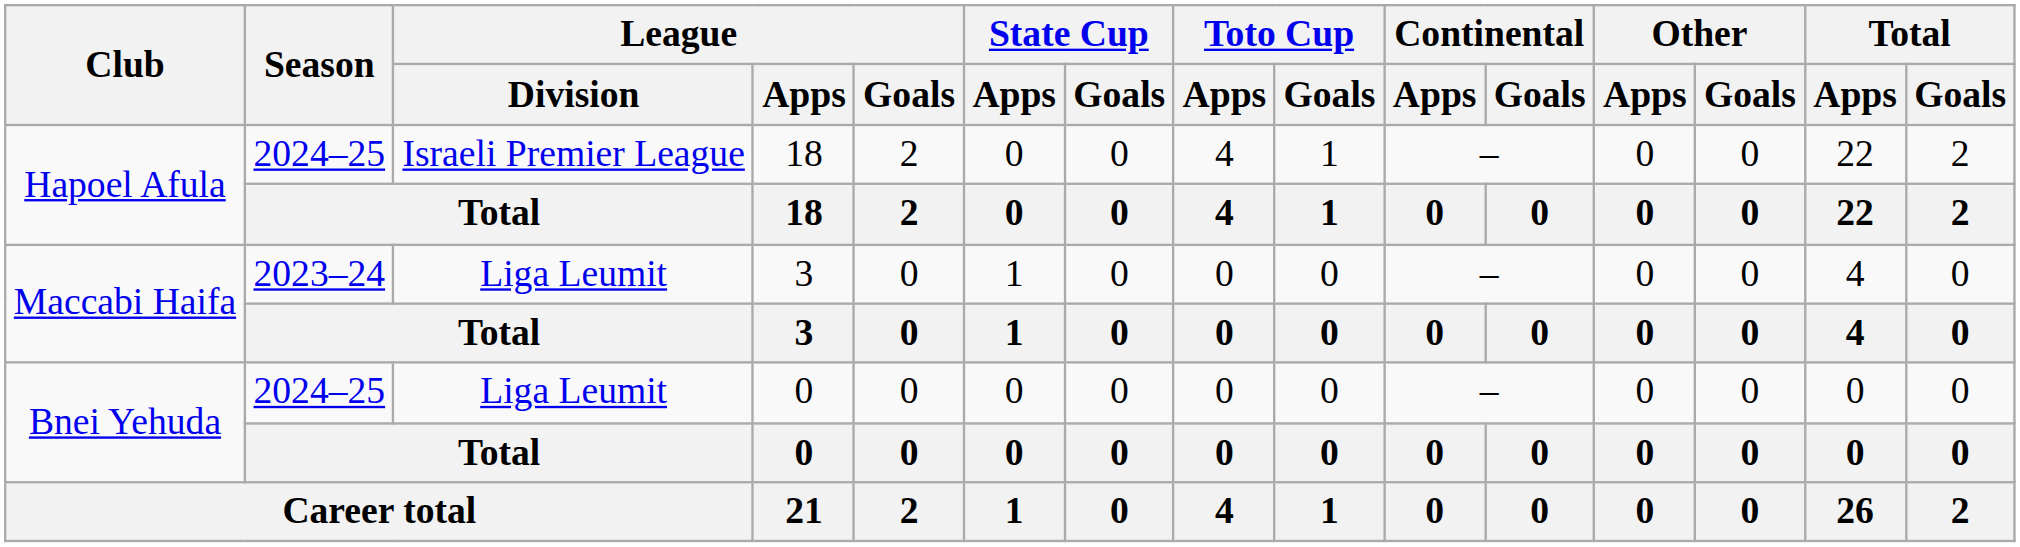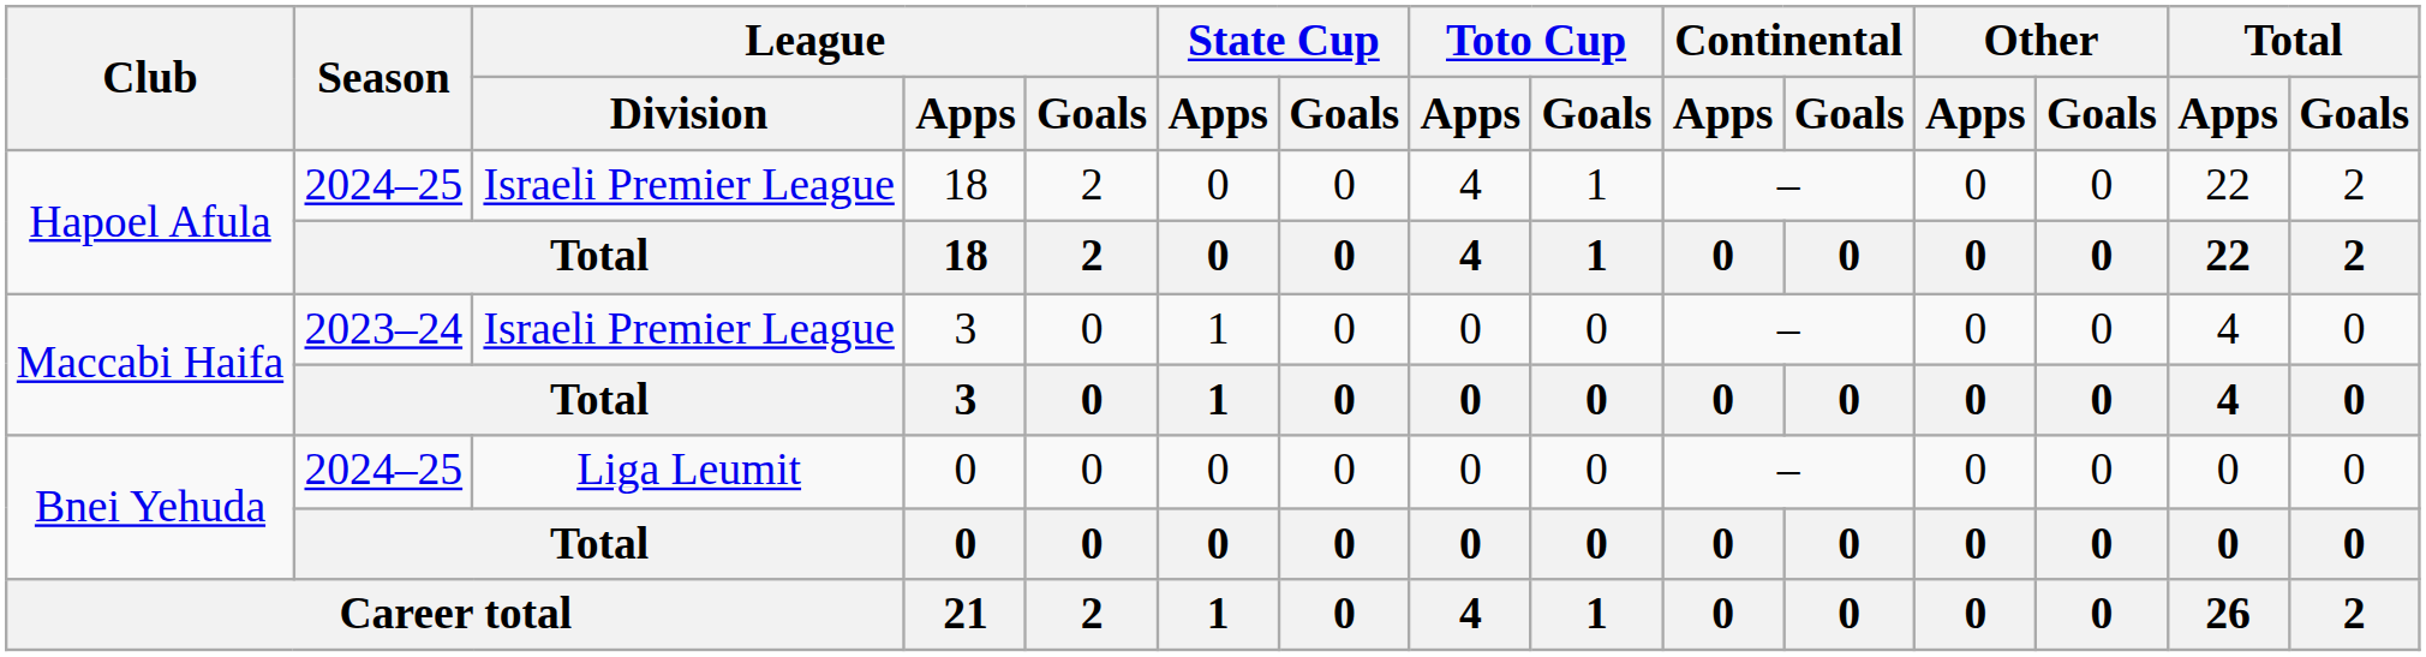 <table class="wikitable" style="text-align: center">
 <tr>
 <th rowspan="2">Club</th>
 <th rowspan="2">Season</th>
 <th colspan="3">League</th>
 <th colspan="2"><a href='#'>State Cup</a></th>
 <th colspan="2"><a href='#'>Toto Cup</a></th>
 <th colspan="2">Continental</th>
 <th colspan="2">Other</th>
 <th colspan="2">Total</th>
 </tr>
 <tr>
 <th>Division</th>
 <th>Apps</th>
 <th>Goals</th>
 <th>Apps</th>
 <th>Goals</th>
 <th>Apps</th>
 <th>Goals</th>
 <th>Apps</th>
 <th>Goals</th>
 <th>Apps</th>
 <th>Goals</th>
 <th>Apps</th>
 <th>Goals</th>
 </tr>
 <tr>
 <td rowspan="2"><a href='#'>Hapoel Afula</a></td>
 <td><a href='#'>2024–25</a></td>
 <td rowspan="1"><a href='#'>Israeli Premier League</a></td>
 <td>18</td>
 <td>2</td>
 <td>0</td>
 <td>0</td>
 <td>4</td>
 <td>1</td>
 <td colspan="2">–</td>
 <td>0</td>
 <td>0</td>
 <td>22</td>
 <td>2</td>
 </tr>
 <tr>
 <th colspan="2"><strong>Total</strong></th>
 <th>18</th>
 <th>2</th>
 <th>0</th>
 <th>0</th>
 <th>4</th>
 <th>1</th>
 <th>0</th>
 <th>0</th>
 <th>0</th>
 <th>0</th>
 <th>22</th>
 <th>2</th>
 </tr>
 <tr>
 <td rowspan="2"><a href='#'>Maccabi Haifa</a></td>
 <td><a href='#'>2023–24</a></td>
-<td rowspan="1"><a href='#'>Liga Leumit</a></td>
+<td rowspan="1"><a href='#'>Israeli Premier League</a></td>
 <td>3</td>
 <td>0</td>
 <td>1</td>
 <td>0</td>
 <td>0</td>
 <td>0</td>
 <td colspan="2">–</td>
 <td>0</td>
 <td>0</td>
 <td>4</td>
 <td>0</td>
 </tr>
 <tr>
 <th colspan="2"><strong>Total</strong></th>
 <th>3</th>
 <th>0</th>
 <th>1</th>
 <th>0</th>
 <th>0</th>
 <th>0</th>
 <th>0</th>
 <th>0</th>
 <th>0</th>
 <th>0</th>
 <th>4</th>
 <th>0</th>
 </tr>
 <tr>
 <td rowspan="2"><a href='#'>Bnei Yehuda</a></td>
 <td><a href='#'>2024–25</a></td>
 <td rowspan="1"><a href='#'>Liga Leumit</a></td>
 <td>0</td>
 <td>0</td>
 <td>0</td>
 <td>0</td>
 <td>0</td>
 <td>0</td>
 <td colspan="2">–</td>
 <td>0</td>
 <td>0</td>
 <td>0</td>
 <td>0</td>
 </tr>
 <tr>
 <th colspan="2"><strong>Total</strong></th>
 <th>0</th>
 <th>0</th>
 <th>0</th>
 <th>0</th>
 <th>0</th>
 <th>0</th>
 <th>0</th>
 <th>0</th>
 <th>0</th>
 <th>0</th>
 <th>0</th>
 <th>0</th>
 </tr>
 <tr>
 <th colspan="3"><strong>Career total</strong></th>
 <th>21</th>
 <th>2</th>
 <th>1</th>
 <th>0</th>
 <th>4</th>
 <th>1</th>
 <th>0</th>
 <th>0</th>
 <th>0</th>
 <th>0</th>
 <th>26</th>
 <th>2</th>
 </tr>
 </table>
